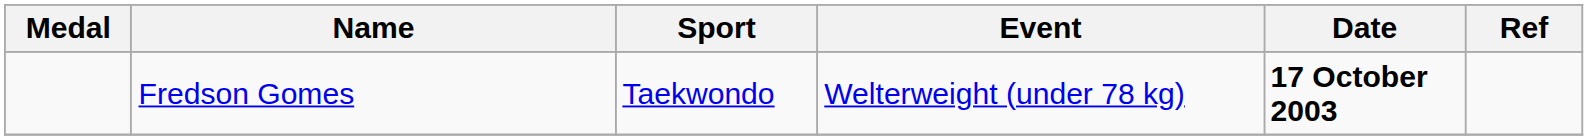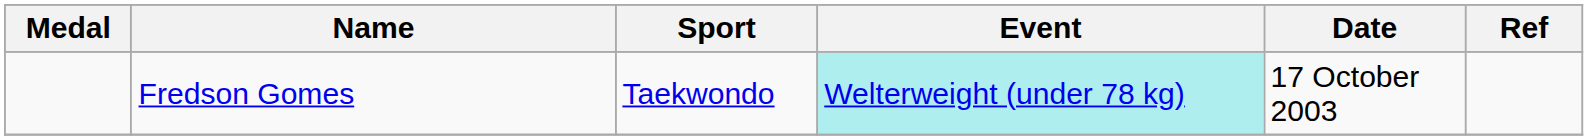 <table class="wikitable sortable" style="font-size:100%">
 <tr>
 <th width="60">Medal</th>
 <th width="250">Name</th>
 <th width="100">Sport</th>
 <th width="230">Event</th>
 <th width="100">Date</th>
 <th width="55">Ref</th>
 </tr>
 <tr>
 <td></td>
 <td><a href='#'>Fredson Gomes</a></td>
 <td><a href='#'>Taekwondo</a></td>
-<td><a href='#'>Welterweight (under 78 kg)</a></td>
-<td><strong>17 October 2003</strong></td>
+<td style="background: paleturquoise;"><a href='#'>Welterweight (under 78 kg)</a></td>
+<td>17 October 2003</td>
 <td></td>
 </tr>
 <tr>
 </tr>
 </table>
